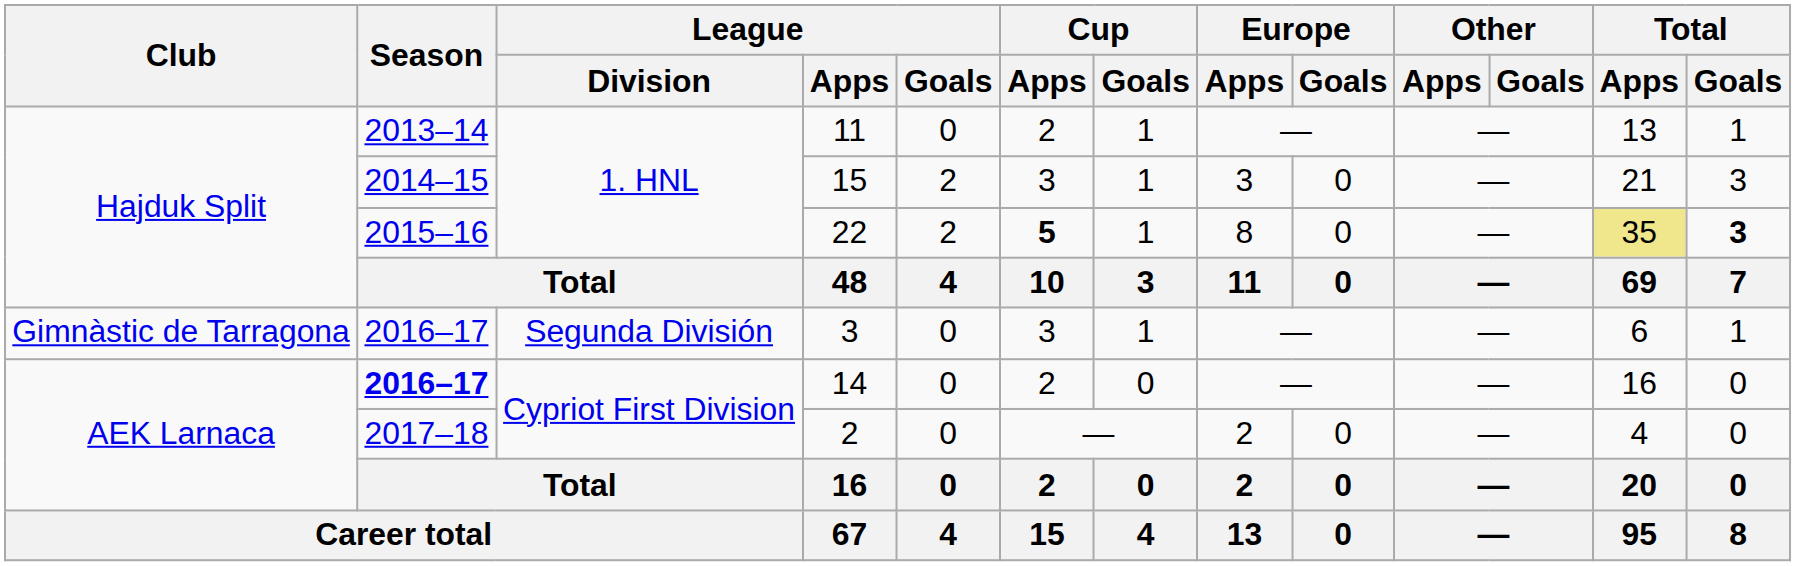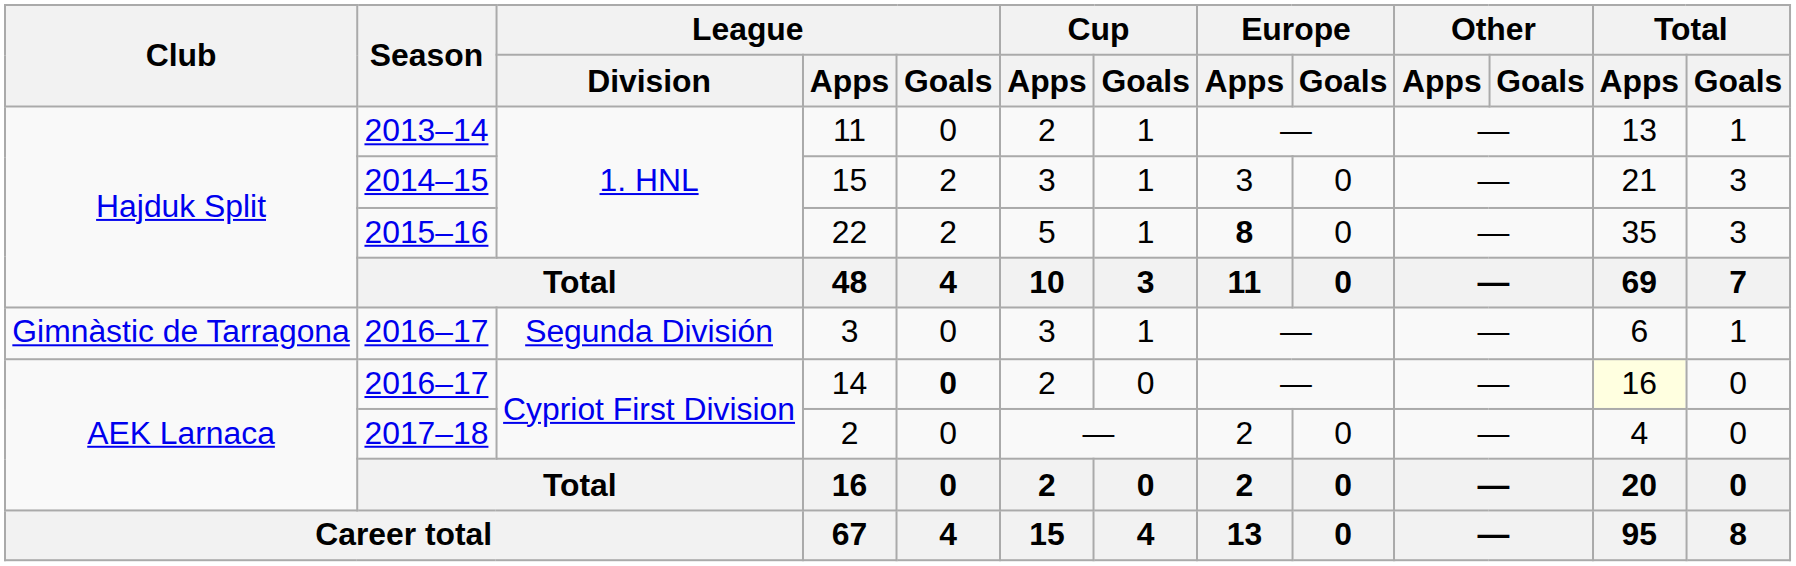 <table class="wikitable" style="text-align:center">
 <tr>
 <th rowspan="2">Club</th>
 <th rowspan="2">Season</th>
 <th colspan="3">League</th>
 <th colspan="2">Cup</th>
 <th colspan="2">Europe</th>
 <th colspan="2">Other</th>
 <th colspan="2">Total</th>
 </tr>
 <tr>
 <th>Division</th>
 <th>Apps</th>
 <th>Goals</th>
 <th>Apps</th>
 <th>Goals</th>
 <th>Apps</th>
 <th>Goals</th>
 <th>Apps</th>
 <th>Goals</th>
 <th>Apps</th>
 <th>Goals</th>
 </tr>
 <tr>
 <td rowspan="4"><a href='#'>Hajduk Split</a></td>
 <td><a href='#'>2013–14</a></td>
 <td rowspan="3"><a href='#'>1. HNL</a></td>
 <td>11</td>
 <td>0</td>
 <td>2</td>
 <td>1</td>
 <td colspan="2">—</td>
 <td colspan="2">—</td>
 <td>13</td>
 <td>1</td>
 </tr>
 <tr>
 <td><a href='#'>2014–15</a></td>
 <td>15</td>
 <td>2</td>
 <td>3</td>
 <td>1</td>
 <td>3</td>
 <td>0</td>
 <td colspan="2">—</td>
 <td>21</td>
 <td>3</td>
 </tr>
 <tr>
 <td><a href='#'>2015–16</a></td>
 <td>22</td>
 <td>2</td>
-<td><strong>5</strong></td>
+<td>5</td>
 <td>1</td>
-<td>8</td>
+<td><strong>8</strong></td>
 <td>0</td>
 <td colspan="2">—</td>
-<td style="background: khaki;">35</td>
-<td><strong>3</strong></td>
+<td>35</td>
+<td>3</td>
 </tr>
 <tr>
 <th colspan="2">Total</th>
 <th>48</th>
 <th>4</th>
 <th>10</th>
 <th>3</th>
 <th>11</th>
 <th>0</th>
 <th colspan="2">—</th>
 <th>69</th>
 <th>7</th>
 </tr>
 <tr>
 <td><a href='#'>Gimnàstic de Tarragona</a></td>
 <td><a href='#'>2016–17</a></td>
 <td><a href='#'>Segunda División</a></td>
 <td>3</td>
 <td>0</td>
 <td>3</td>
 <td>1</td>
 <td colspan="2">—</td>
 <td colspan="2">—</td>
 <td>6</td>
 <td>1</td>
 </tr>
 <tr>
 <td rowspan="3"><a href='#'>AEK Larnaca</a></td>
-<td><strong><a href='#'>2016–17</a></strong></td>
+<td><a href='#'>2016–17</a></td>
 <td rowspan="2"><a href='#'>Cypriot First Division</a></td>
 <td>14</td>
-<td>0</td>
+<td><strong>0</strong></td>
 <td>2</td>
 <td>0</td>
 <td colspan="2">—</td>
 <td colspan="2">—</td>
-<td>16</td>
+<td style="background: lightyellow;">16</td>
 <td>0</td>
 </tr>
 <tr>
 <td><a href='#'>2017–18</a></td>
 <td>2</td>
 <td>0</td>
 <td colspan="2">—</td>
 <td>2</td>
 <td>0</td>
 <td colspan="2">—</td>
 <td>4</td>
 <td>0</td>
 </tr>
 <tr>
 <th colspan="2">Total</th>
 <th>16</th>
 <th>0</th>
 <th>2</th>
 <th>0</th>
 <th>2</th>
 <th>0</th>
 <th colspan="2">—</th>
 <th>20</th>
 <th>0</th>
 </tr>
 <tr>
 <th colspan="3">Career total</th>
 <th>67</th>
 <th>4</th>
 <th>15</th>
 <th>4</th>
 <th>13</th>
 <th>0</th>
 <th colspan="2">—</th>
 <th>95</th>
 <th>8</th>
 </tr>
 </table>
